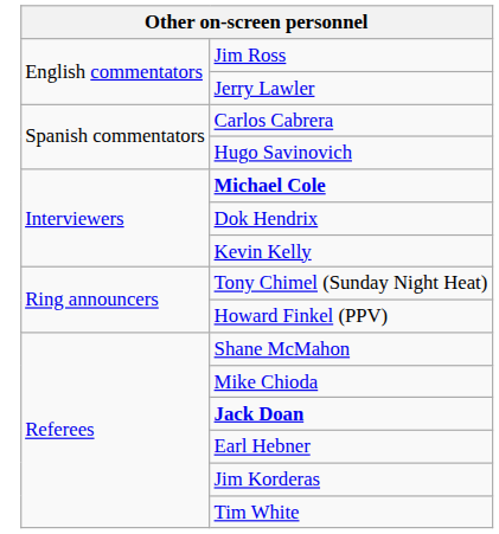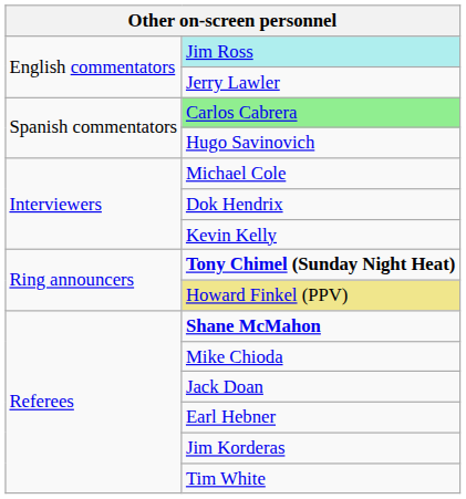 <table align="right" class="wikitable" style="border:1px; font-size:90%; margin-left:1em;">
 <tr>
 <th colspan=2 width=250><strong>Other on-screen personnel</strong></th>
 </tr>
 <tr>
 <td rowspan=2>English <a href='#'>commentators</a></td>
-<td><a href='#'>Jim Ross</a></td>
+<td style="background: paleturquoise;"><a href='#'>Jim Ross</a></td>
 </tr>
 <tr>
 <td><a href='#'>Jerry Lawler</a></td>
 </tr>
 <tr>
 <td rowspan=2>Spanish commentators</td>
-<td><a href='#'>Carlos Cabrera</a></td>
+<td style="background: lightgreen;"><a href='#'>Carlos Cabrera</a></td>
 </tr>
 <tr>
 <td><a href='#'>Hugo Savinovich</a></td>
 </tr>
 <tr>
 <td rowspan=3><a href='#'>Interviewers</a></td>
-<td><strong><a href='#'>Michael Cole</a></strong></td>
+<td><a href='#'>Michael Cole</a></td>
 </tr>
 <tr>
 <td><a href='#'>Dok Hendrix</a></td>
 </tr>
 <tr>
 <td><a href='#'>Kevin Kelly</a></td>
 </tr>
 <tr>
 <td rowspan=2><a href='#'>Ring announcers</a></td>
-<td><a href='#'>Tony Chimel</a> (Sunday Night Heat)</td>
+<td><strong><a href='#'>Tony Chimel</a> (Sunday Night Heat)</strong></td>
 </tr>
 <tr>
-<td><a href='#'>Howard Finkel</a> (PPV)</td>
+<td style="background: khaki;"><a href='#'>Howard Finkel</a> (PPV)</td>
 </tr>
 <tr>
 <td rowspan=6><a href='#'>Referees</a></td>
-<td><a href='#'>Shane McMahon</a></td>
+<td><strong><a href='#'>Shane McMahon</a></strong></td>
 </tr>
 <tr>
 <td><a href='#'>Mike Chioda</a></td>
 </tr>
 <tr>
-<td><strong><a href='#'>Jack Doan</a></strong></td>
+<td><a href='#'>Jack Doan</a></td>
 </tr>
 <tr>
 <td><a href='#'>Earl Hebner</a></td>
 </tr>
 <tr>
 <td><a href='#'>Jim Korderas</a></td>
 </tr>
 <tr>
 <td><a href='#'>Tim White</a></td>
 </tr>
 </table>
